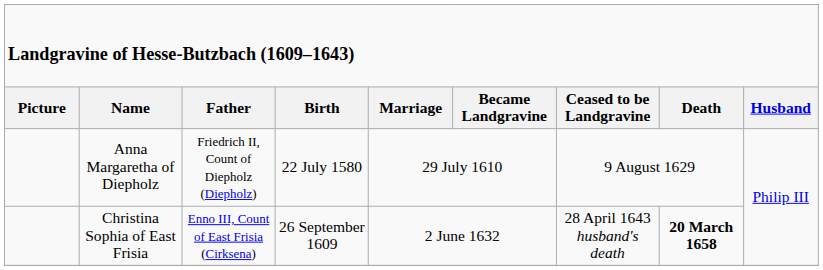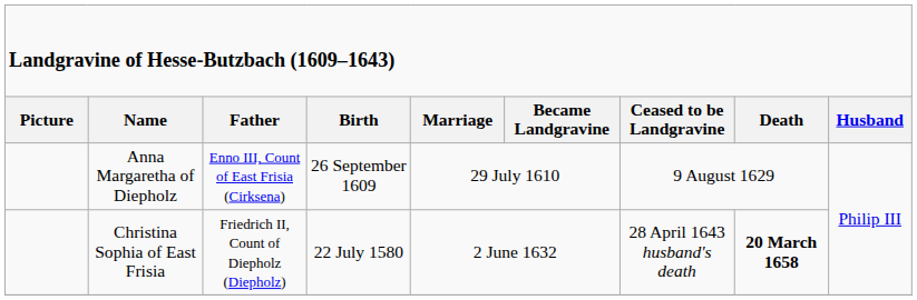 <table width=95% class="wikitable">
 <tr>
 <td colspan="9"><br><h3>Landgravine of Hesse-Butzbach (1609–1643)</h3></td>
 </tr>
 <tr>
 <th width = "8%">Picture</th>
 <th width = "11%">Name</th>
 <th width = "10%">Father</th>
 <th width = "10%">Birth</th>
 <th width = "9%">Marriage</th>
 <th width = "9%">Became Landgravine</th>
 <th width = "9%">Ceased to be Landgravine</th>
 <th width = "9%">Death</th>
 <th width = "6%"><a href='#'>Husband</a></th>
 </tr>
 <tr>
 <td align="center"></td>
 <td align="center">Anna Margaretha of Diepholz</td>
-<td align="center"><small>Friedrich II, Count of Diepholz<br>(<a href='#'>Diepholz</a>)</small></td>
-<td align="center">22 July 1580</td>
+<td align="center"><small><a href='#'>Enno III, Count of East Frisia</a><br>(<a href='#'>Cirksena</a>)</small></td>
+<td align="center">26 September 1609</td>
 <td align="center" colspan="2">29 July 1610</td>
 <td align="center" colspan="2">9 August 1629</td>
 <td align="center" rowspan="2"><a href='#'>Philip III</a></td>
 </tr>
 <tr>
 <td align="center"></td>
 <td align="center">Christina Sophia of East Frisia</td>
-<td align="center"><small><a href='#'>Enno III, Count of East Frisia</a><br>(<a href='#'>Cirksena</a>)</small></td>
-<td align="center">26 September 1609</td>
+<td align="center"><small>Friedrich II, Count of Diepholz<br>(<a href='#'>Diepholz</a>)</small></td>
+<td align="center">22 July 1580</td>
 <td align="center" colspan="2">2 June 1632</td>
 <td align="center">28 April 1643<br><em>husband's death</em></td>
 <td align="center"><strong>20 March 1658</strong></td>
 </tr>
 <tr>
 </tr>
 </table>
